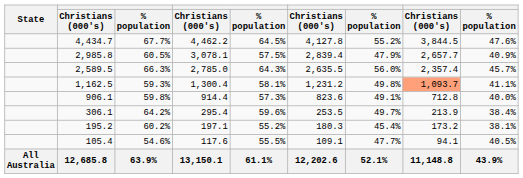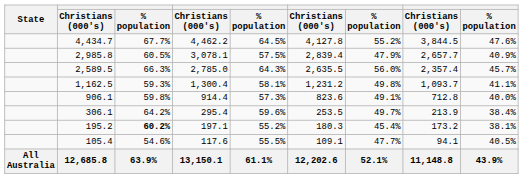 <table class="wikitable sortable"  style="float:left; text-align:right; font-size:95%; margin-left:20px;">
 <tr>
 <th rowspan=2>State</th>
 <th colspan="2"></th>
 <th colspan=2></th>
 <th colspan=2></th>
 <th colspan="2"></th>
 </tr>
 <tr>
 <th>Christians<br>(000's)</th>
 <th>%<br>population</th>
 <th>Christians<br>(000's)</th>
 <th>%<br>population</th>
 <th>Christians<br>(000's)</th>
 <th>%<br>population</th>
 <th>Christians<br>(000's)</th>
 <th>%<br>population</th>
 </tr>
 <tr>
 <td align=left></td>
 <td>4,434.7</td>
 <td>67.7%</td>
 <td>4,462.2</td>
 <td>64.5%</td>
 <td>4,127.8</td>
 <td>55.2%</td>
 <td>3,844.5</td>
 <td>47.6%</td>
 </tr>
 <tr>
 <td align=left></td>
 <td>2,985.8</td>
 <td>60.5%</td>
 <td>3,078.1</td>
 <td>57.5%</td>
 <td>2,839.4</td>
 <td>47.9%</td>
 <td>2,657.7</td>
 <td>40.9%</td>
 </tr>
 <tr>
 <td align=left></td>
 <td>2,589.5</td>
 <td>66.3%</td>
 <td>2,785.0</td>
 <td>64.3%</td>
 <td>2,635.5</td>
 <td>56.0%</td>
 <td>2,357.4</td>
 <td>45.7%</td>
 </tr>
 <tr>
 <td align=left></td>
 <td>1,162.5</td>
 <td>59.3%</td>
 <td>1,300.4</td>
 <td>58.1%</td>
 <td>1,231.2</td>
 <td>49.8%</td>
-<td style="background: lightsalmon;">1,093.7</td>
+<td>1,093.7</td>
 <td>41.1%</td>
 </tr>
 <tr>
 <td align=left></td>
 <td>906.1</td>
 <td>59.8%</td>
 <td>914.4</td>
 <td>57.3%</td>
 <td>823.6</td>
 <td>49.1%</td>
 <td>712.8</td>
 <td>40.0%</td>
 </tr>
 <tr>
 <td align=left></td>
 <td>306.1</td>
 <td>64.2%</td>
 <td>295.4</td>
 <td>59.6%</td>
 <td>253.5</td>
 <td>49.7%</td>
 <td>213.9</td>
 <td>38.4%</td>
 </tr>
 <tr>
 <td align=left></td>
 <td>195.2</td>
-<td>60.2%</td>
+<td><strong>60.2%</strong></td>
 <td>197.1</td>
 <td>55.2%</td>
 <td>180.3</td>
 <td>45.4%</td>
 <td>173.2</td>
 <td>38.1%</td>
 </tr>
 <tr>
 <td align=left></td>
 <td>105.4</td>
 <td>54.6%</td>
 <td>117.6</td>
 <td>55.5%</td>
 <td>109.1</td>
 <td>47.7%</td>
 <td>94.1</td>
 <td>40.5%</td>
 </tr>
 <tr class="sortbottom">
 <th align=left><strong>All Australia</strong></th>
 <th align="right">12,685.8</th>
 <th align=right>63.9%</th>
 <th align=right>13,150.1</th>
 <th align=right>61.1%</th>
 <th align=right>12,202.6</th>
 <th align=right>52.1%</th>
 <th>11,148.8</th>
 <th>43.9%</th>
 </tr>
 </table>
